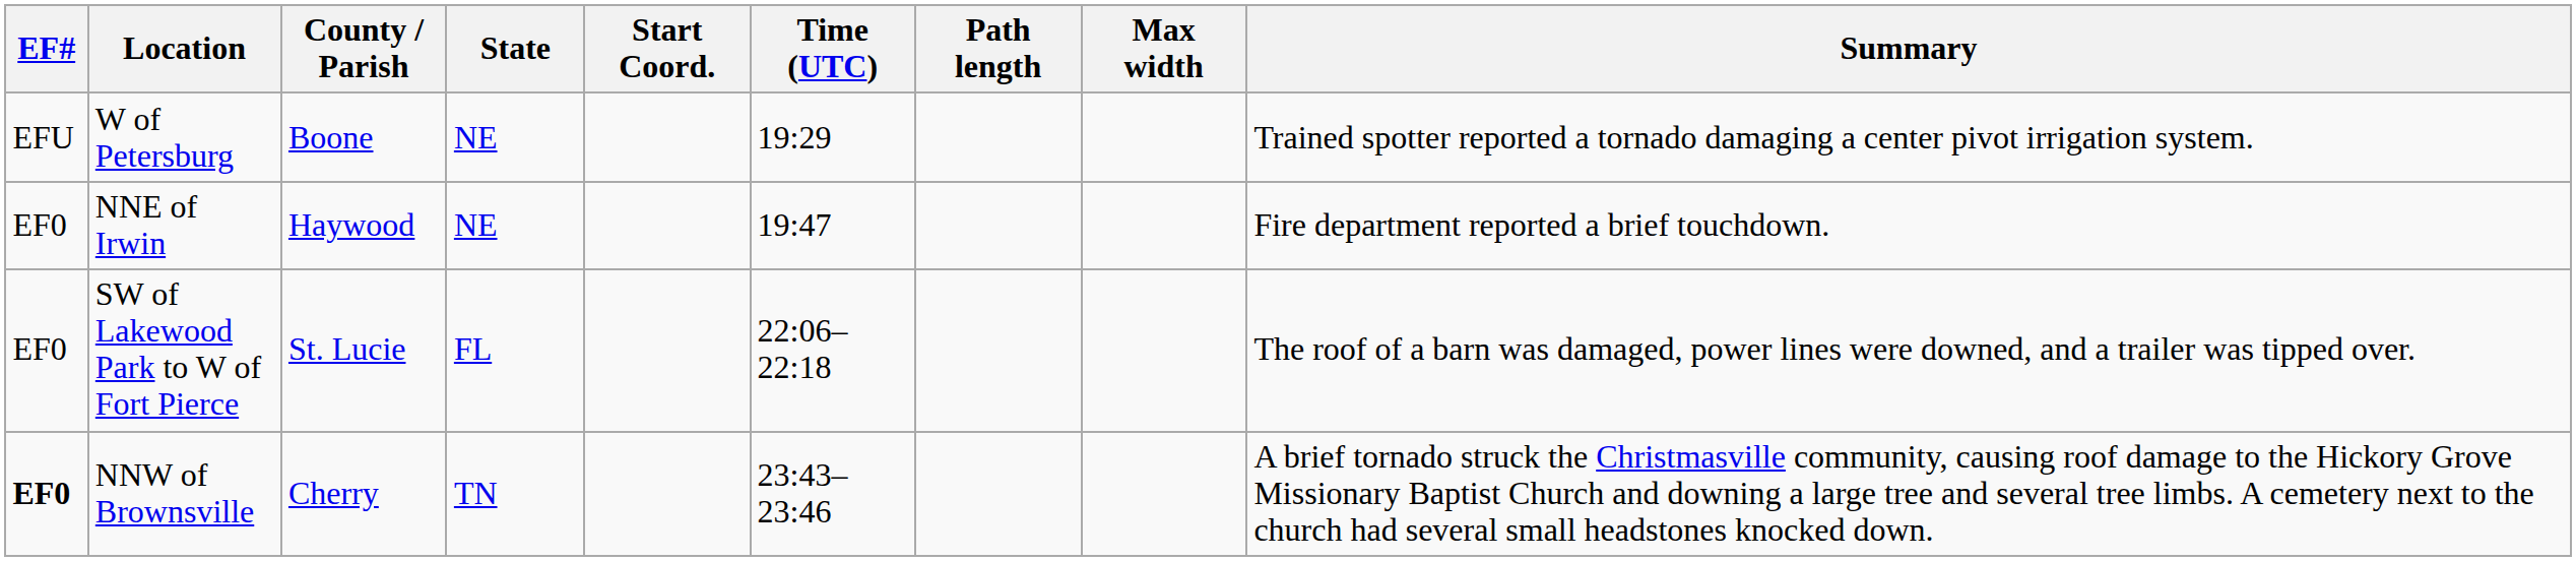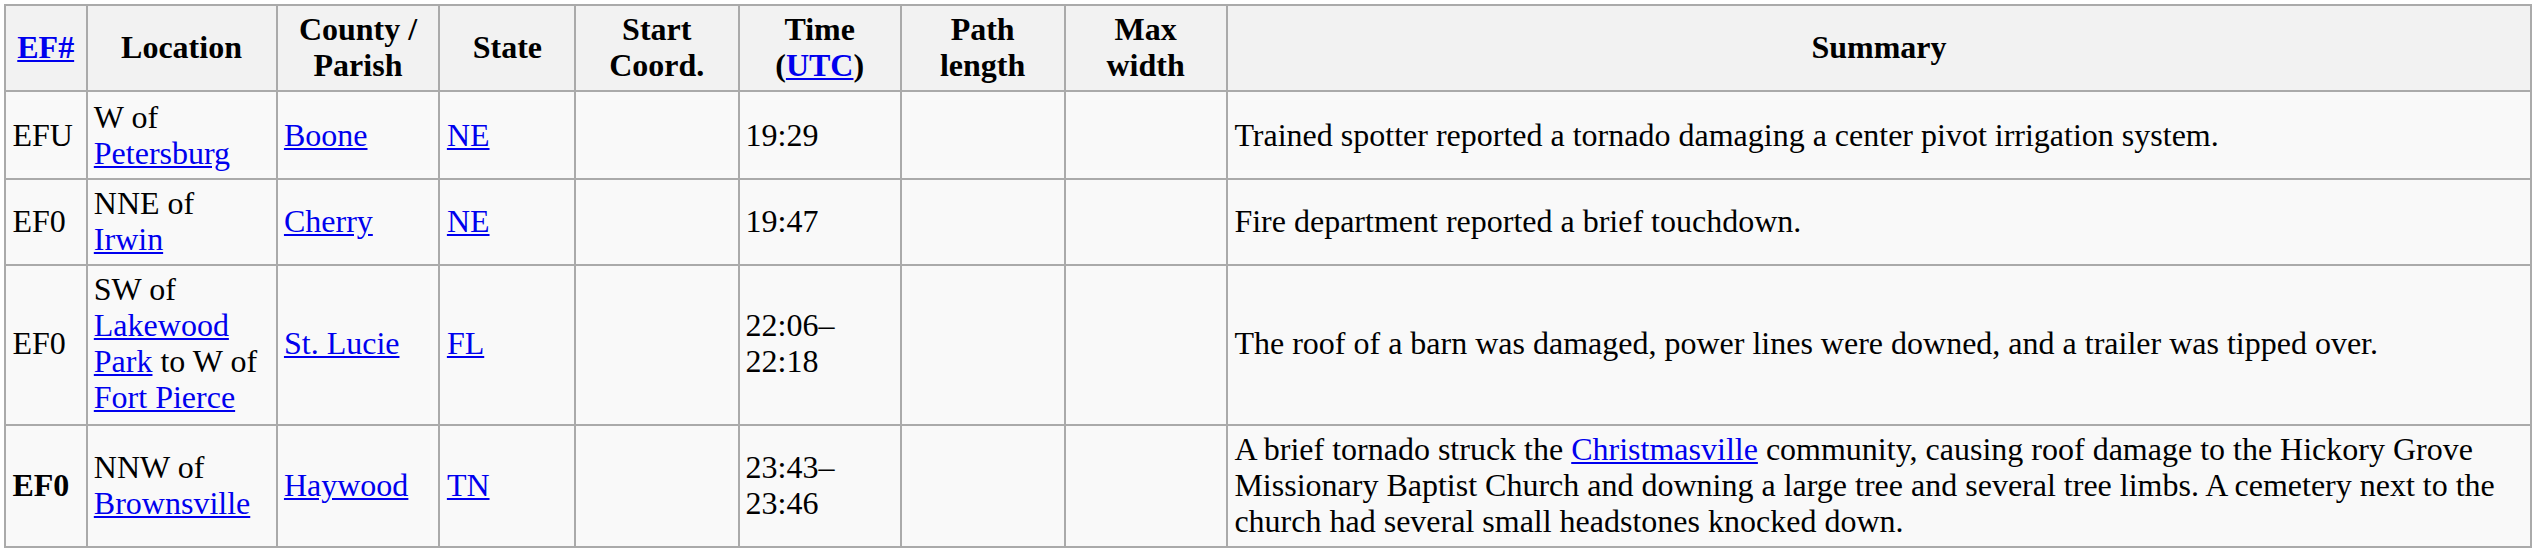 <table class="wikitable sortable" style="width:100%;">
 <tr>
 <th scope="col"  style="width:3%; text-align:center;"><a href='#'>EF#</a></th>
 <th scope="col"  style="width:7%; text-align:center;" class="unsortable">Location</th>
 <th scope="col"  style="width:6%; text-align:center;" class="unsortable">County / Parish</th>
 <th scope="col"  style="width:5%; text-align:center;">State</th>
 <th scope="col"  style="width:6%; text-align:center;">Start Coord.</th>
 <th scope="col"  style="width:6%; text-align:center;">Time (<a href='#'>UTC</a>)</th>
 <th scope="col"  style="width:6%; text-align:center;">Path length</th>
 <th scope="col"  style="width:6%; text-align:center;">Max width</th>
 <th scope="col" class="unsortable" style="width:48%; text-align:center;">Summary</th>
 </tr>
 <tr>
 <td>EFU</td>
 <td>W of <a href='#'>Petersburg</a></td>
 <td><a href='#'>Boone</a></td>
 <td><a href='#'>NE</a></td>
 <td></td>
 <td>19:29</td>
 <td></td>
 <td></td>
 <td>Trained spotter reported a tornado damaging a center pivot irrigation system.</td>
 </tr>
 <tr>
 <td>EF0</td>
 <td>NNE of <a href='#'>Irwin</a></td>
-<td><a href='#'>Haywood</a></td>
+<td><a href='#'>Cherry</a></td>
 <td><a href='#'>NE</a></td>
 <td></td>
 <td>19:47</td>
 <td></td>
 <td></td>
 <td>Fire department reported a brief touchdown.</td>
 </tr>
 <tr>
 <td>EF0</td>
 <td>SW of <a href='#'>Lakewood Park</a> to W of <a href='#'>Fort Pierce</a></td>
 <td><a href='#'>St. Lucie</a></td>
 <td><a href='#'>FL</a></td>
 <td></td>
 <td>22:06–22:18</td>
 <td></td>
 <td></td>
 <td>The roof of a barn was damaged, power lines were downed, and a trailer was tipped over.</td>
 </tr>
 <tr>
 <td><strong>EF0</strong></td>
 <td>NNW of <a href='#'>Brownsville</a></td>
-<td><a href='#'>Cherry</a></td>
+<td><a href='#'>Haywood</a></td>
 <td><a href='#'>TN</a></td>
 <td></td>
 <td>23:43–23:46</td>
 <td></td>
 <td></td>
 <td>A brief tornado struck the <a href='#'>Christmasville</a> community, causing roof damage to the Hickory Grove Missionary Baptist Church and downing a large tree and several tree limbs. A cemetery next to the church had several small headstones knocked down.</td>
 </tr>
 <tr>
 </tr>
 </table>
